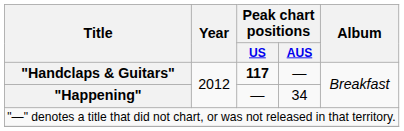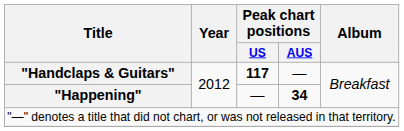 <table class="wikitable plainrowheaders" style="text-align:center;" border="1">
 <tr>
 <th scope="col" rowspan="2">Title</th>
 <th scope="col" rowspan="2">Year</th>
 <th scope="col" colspan="2">Peak chart positions</th>
 <th scope="col" rowspan="2">Album</th>
 </tr>
 <tr>
 <th scope="col" style="width:3em;font-size:85%;"><a href='#'>US</a><br></th>
 <th scope="col" style="width:3em;font-size:85%;"><a href='#'>AUS</a><br></th>
 </tr>
 <tr>
 <th scope="row">"Handclaps & Guitars"</th>
 <td rowspan="2">2012</td>
 <td><strong>117</strong></td>
 <td>—</td>
 <td rowspan="2"><em>Breakfast</em></td>
 </tr>
 <tr>
 <th scope="row">"Happening"</th>
 <td>—</td>
-<td>34</td>
+<td><strong>34</strong></td>
 </tr>
 <tr>
 <td colspan="13" style="font-size:85%;">"—" denotes a title that did not chart, or was not released in that territory.</td>
 </tr>
 <tr>
 </tr>
 </table>
